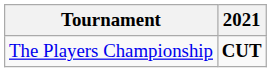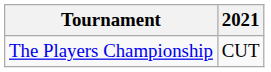 <table class="wikitable" style="font-size:95%;text-align:center;">
 <tr>
 <th>Tournament</th>
 <th>2021</th>
 </tr>
 <tr>
 <td align=left><a href='#'>The Players Championship</a></td>
-<td><strong>CUT</strong></td>
+<td>CUT</td>
 </tr>
 </table>
